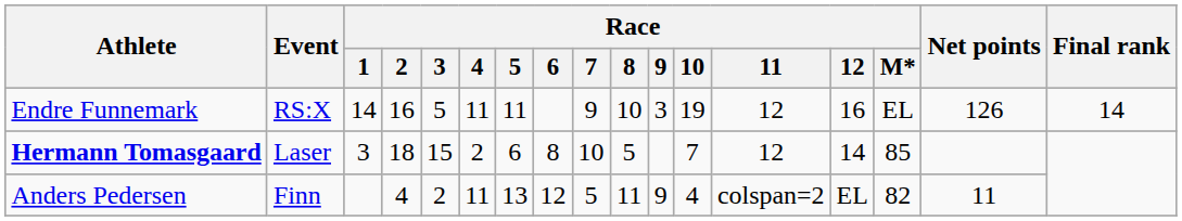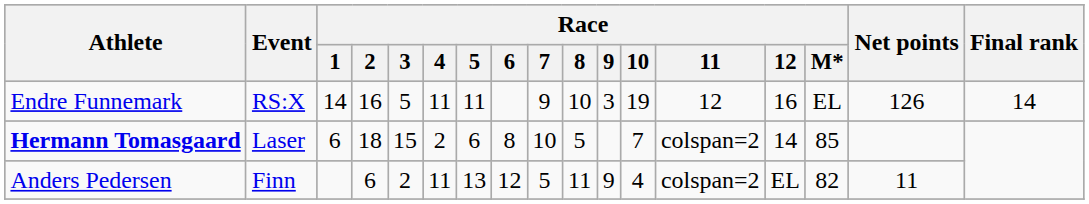 <table class="wikitable" style="font-size:90%">
 <tr>
 <th rowspan="2">Athlete</th>
 <th rowspan="2">Event</th>
 <th colspan=13>Race</th>
 <th rowspan=2>Net points</th>
 <th rowspan=2>Final rank</th>
 </tr>
 <tr style="font-size:95%">
 <th>1</th>
 <th>2</th>
 <th>3</th>
 <th>4</th>
 <th>5</th>
 <th>6</th>
 <th>7</th>
 <th>8</th>
 <th>9</th>
 <th>10</th>
 <th>11</th>
 <th>12</th>
 <th>M*</th>
 </tr>
 <tr align=center>
 <td align=left><a href='#'>Endre Funnemark</a></td>
 <td align=left><a href='#'>RS:X</a></td>
 <td>14</td>
 <td>16</td>
 <td>5</td>
 <td>11</td>
 <td>11</td>
 <td></td>
 <td>9</td>
 <td>10</td>
 <td>3</td>
 <td>19</td>
 <td>12</td>
 <td>16</td>
 <td>EL</td>
 <td>126</td>
 <td>14</td>
 </tr>
 <tr align=center>
 <td align=left><strong><a href='#'>Hermann Tomasgaard</a></strong></td>
 <td align=left><a href='#'>Laser</a></td>
-<td>3</td>
+<td>6</td>
 <td>18</td>
 <td>15</td>
 <td>2</td>
 <td>6</td>
 <td>8</td>
 <td>10</td>
 <td>5</td>
 <td></td>
 <td>7</td>
-<td>12</td>
+<td>colspan=2 </td>
 <td>14</td>
 <td>85</td>
 <td></td>
 </tr>
 <tr align=center>
 <td align=left><a href='#'>Anders Pedersen</a></td>
 <td align=left><a href='#'>Finn</a></td>
 <td></td>
-<td>4</td>
+<td>6</td>
 <td>2</td>
 <td>11</td>
 <td>13</td>
 <td>12</td>
 <td>5</td>
 <td>11</td>
 <td>9</td>
 <td>4</td>
 <td>colspan=2 </td>
 <td>EL</td>
 <td>82</td>
 <td>11</td>
 </tr>
 </table>
